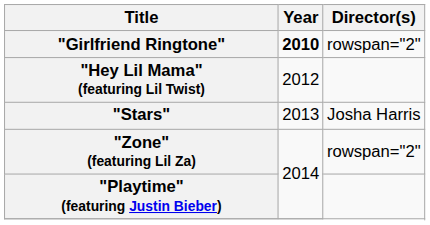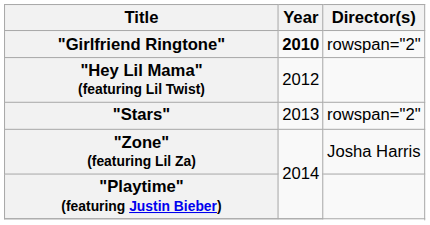 <table class="wikitable plainrowheaders" style="text-align:center;">
 <tr>
 <th scope="col" style="width:16em;">Title</th>
 <th scope="col">Year</th>
 <th scope="col">Director(s)</th>
 </tr>
 <tr>
 <th scope="row">"Girlfriend Ringtone"</th>
 <td><strong>2010</strong></td>
 <td>rowspan="2" </td>
 </tr>
 <tr>
 <th scope="row">"Hey Lil Mama"<br><small>(featuring Lil Twist)</small></th>
 <td>2012</td>
 </tr>
 <tr>
 <th scope="row">"Stars"</th>
 <td>2013</td>
-<td>Josha Harris</td>
+<td>rowspan="2" </td>
 </tr>
 <tr>
 <th scope="row">"Zone"<br><small>(featuring Lil Za)</small></th>
 <td rowspan="2">2014</td>
-<td>rowspan="2" </td>
+<td>Josha Harris</td>
 </tr>
 <tr>
 <th scope="row">"Playtime"<br><small>(featuring <a href='#'>Justin Bieber</a>)</small></th>
 </tr>
 <tr>
 </tr>
 </table>
